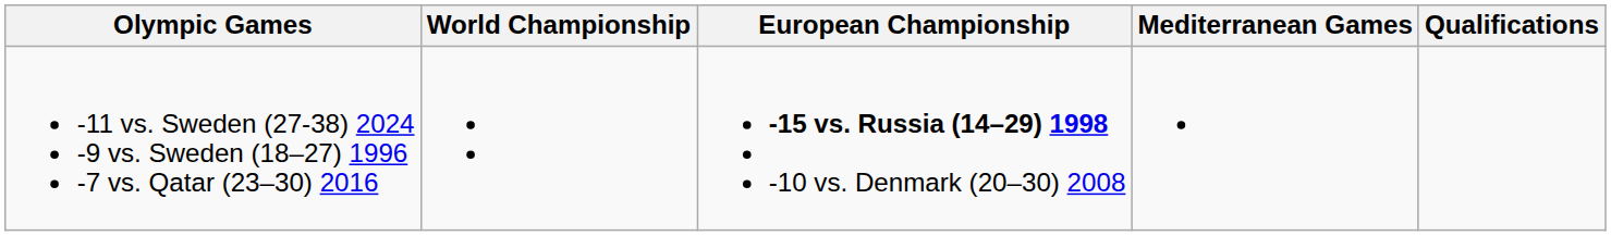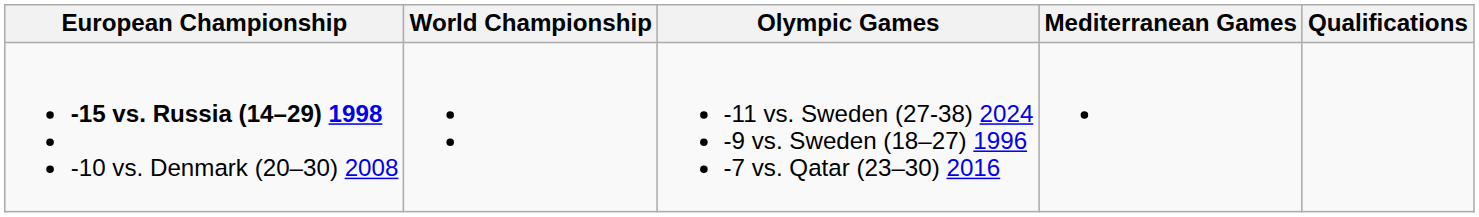 <table class="wikitable">
 <tr>
+<th>European Championship</th>
+<th>World Championship</th>
 <th>Olympic Games</th>
-<th>World Championship</th>
-<th>European Championship</th>
 <th>Mediterranean Games</th>
 <th>Qualifications</th>
 </tr>
 <tr style="vertical-align:top;">
+<td><br><ul><li><strong>-15 vs. Russia (14–29) <a href='#'>1998</a></strong></li><li></li><li>-10 vs. Denmark (20–30) <a href='#'>2008</a></li></ul></td>
+<td><br><ul><li></li><li></li></ul></td>
 <td><br><ul><li>-11 vs. Sweden (27-38) <a href='#'>2024</a></li><li>-9 vs. Sweden (18–27) <a href='#'>1996</a></li><li>-7 vs. Qatar (23–30) <a href='#'>2016</a></li></ul></td>
-<td><br><ul><li></li><li></li></ul></td>
-<td><br><ul><li><strong>-15 vs. Russia (14–29) <a href='#'>1998</a></strong></li><li></li><li>-10 vs. Denmark (20–30) <a href='#'>2008</a></li></ul></td>
 <td><br><ul><li></li></ul></td>
 <td></td>
 </tr>
 </table>
